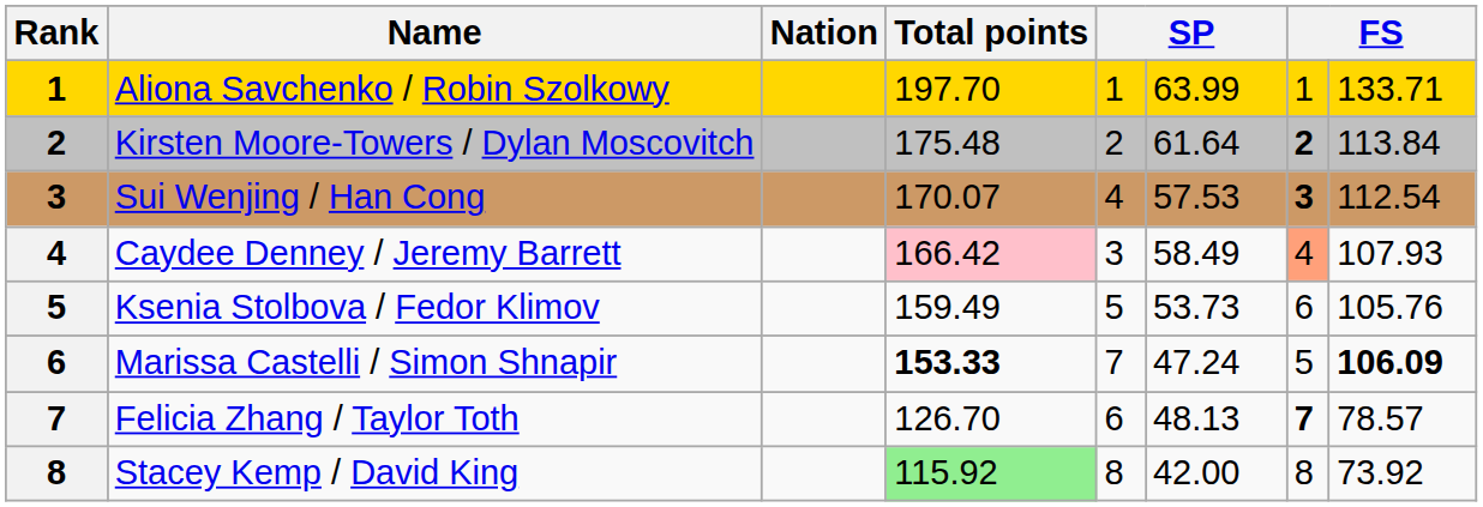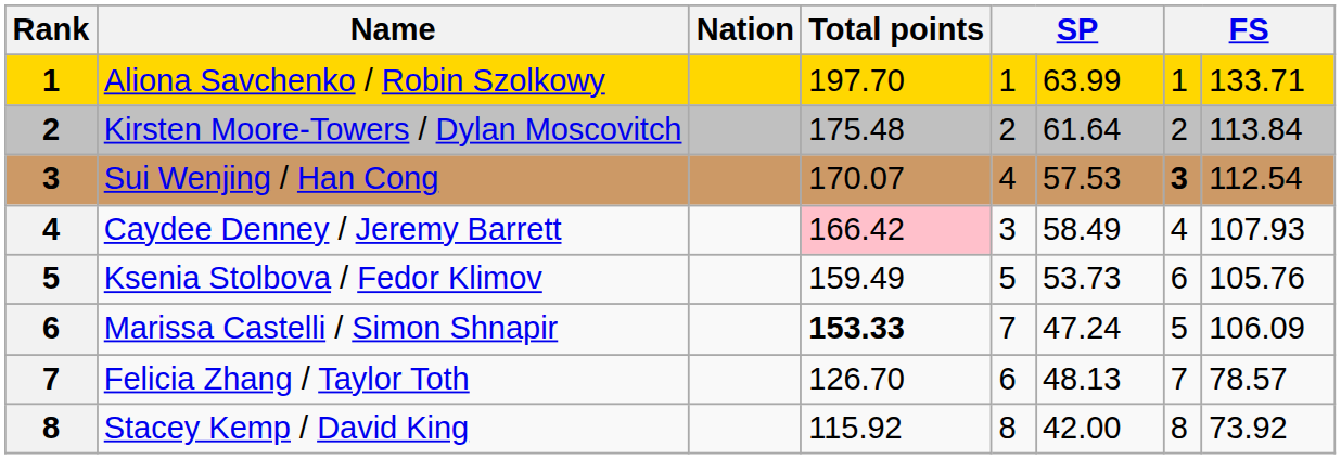 <table class="wikitable sortable">
 <tr>
 <th>Rank</th>
 <th>Name</th>
 <th>Nation</th>
 <th>Total points</th>
 <th colspan="2" width="80px"><a href='#'>SP</a></th>
 <th colspan="2" width="80px"><a href='#'>FS</a></th>
 </tr>
 <tr bgcolor="gold">
 <td align="center"><strong>1</strong></td>
 <td><a href='#'>Aliona Savchenko</a> / <a href='#'>Robin Szolkowy</a></td>
 <td></td>
 <td>197.70</td>
 <td>1</td>
 <td>63.99</td>
 <td>1</td>
 <td>133.71</td>
 </tr>
 <tr bgcolor="silver">
 <td align="center"><strong>2</strong></td>
 <td><a href='#'>Kirsten Moore-Towers</a> / <a href='#'>Dylan Moscovitch</a></td>
 <td></td>
 <td>175.48</td>
 <td>2</td>
 <td>61.64</td>
-<td><strong>2</strong></td>
+<td>2</td>
 <td>113.84</td>
 </tr>
 <tr bgcolor="cc9966">
 <td align="center"><strong>3</strong></td>
 <td><a href='#'>Sui Wenjing</a> / <a href='#'>Han Cong</a></td>
 <td></td>
 <td>170.07</td>
 <td>4</td>
 <td>57.53</td>
 <td><strong>3</strong></td>
 <td>112.54</td>
 </tr>
 <tr>
 <th>4</th>
 <td><a href='#'>Caydee Denney</a> / <a href='#'>Jeremy Barrett</a></td>
 <td></td>
 <td style="background: pink;">166.42</td>
 <td>3</td>
 <td>58.49</td>
-<td style="background: lightsalmon;">4</td>
+<td>4</td>
 <td>107.93</td>
 </tr>
 <tr>
 <th>5</th>
 <td><a href='#'>Ksenia Stolbova</a> / <a href='#'>Fedor Klimov</a></td>
 <td></td>
 <td>159.49</td>
 <td>5</td>
 <td>53.73</td>
 <td>6</td>
 <td>105.76</td>
 </tr>
 <tr>
 <th>6</th>
 <td><a href='#'>Marissa Castelli</a> / <a href='#'>Simon Shnapir</a></td>
 <td></td>
 <td><strong>153.33</strong></td>
 <td>7</td>
 <td>47.24</td>
 <td>5</td>
-<td><strong>106.09</strong></td>
+<td>106.09</td>
 </tr>
 <tr>
 <th>7</th>
 <td><a href='#'>Felicia Zhang</a> / <a href='#'>Taylor Toth</a></td>
 <td></td>
 <td>126.70</td>
 <td>6</td>
 <td>48.13</td>
-<td><strong>7</strong></td>
+<td>7</td>
 <td>78.57</td>
 </tr>
 <tr>
 <th>8</th>
 <td><a href='#'>Stacey Kemp</a> / <a href='#'>David King</a></td>
 <td></td>
-<td style="background: lightgreen;">115.92</td>
+<td>115.92</td>
 <td>8</td>
 <td>42.00</td>
 <td>8</td>
 <td>73.92</td>
 </tr>
 </table>
